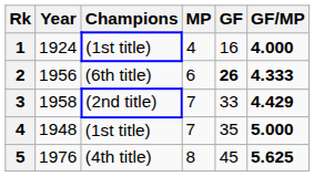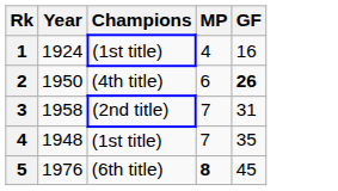 <table class="wikitable sticky-header defaultright col2center col3left" style="margin-left: 1em; margin-right: 1em; display: inline-table;">
 <tr>
 <th scope="col">Rk</th>
 <th scope="col">Year</th>
 <th scope="col">Champions</th>
 <th scope="col">MP</th>
 <th scope="col">GF</th>
-<th scope="col">GF/MP</th>
 </tr>
 <tr>
 <th scope="row">1</th>
 <td>1924</td>
 <td style="border: 2px solid blue;"> (1st title)</td>
 <td>4</td>
 <td>16</td>
-<td><strong>4.000</strong></td>
 </tr>
 <tr>
 <th scope="row">2</th>
-<td>1956</td>
-<td> (6th title)</td>
+<td>1950</td>
+<td> (4th title)</td>
 <td>6</td>
 <td><strong>26</strong></td>
-<td><strong>4.333</strong></td>
 </tr>
 <tr>
 <th scope="row">3</th>
 <td>1958</td>
 <td style="border: 2px solid blue;"> (2nd title)</td>
 <td>7</td>
-<td>33</td>
-<td><strong>4.429</strong></td>
+<td>31</td>
 </tr>
 <tr>
 <th scope="row">4</th>
 <td>1948</td>
 <td> (1st title)</td>
 <td>7</td>
 <td>35</td>
-<td><strong>5.000</strong></td>
 </tr>
 <tr>
 <th scope="row">5</th>
 <td>1976</td>
-<td> (4th title)</td>
-<td>8</td>
+<td> (6th title)</td>
+<td><strong>8</strong></td>
 <td>45</td>
-<td><strong>5.625</strong></td>
 </tr>
 </table>
